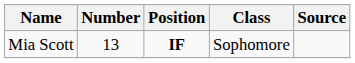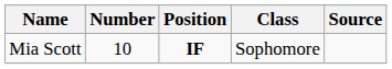 <table class="wikitable non-sortable collapsible">
 <tr>
 </tr>
 <tr>
 <th style="text-align:center; ">Name</th>
 <th style="text-align:center; ">Number</th>
 <th style="text-align:center; ">Position</th>
 <th style="text-align:center; ">Class</th>
 <th style="text-align:center; ">Source</th>
 </tr>
 <tr align="center">
 <td>Mia Scott</td>
-<td>13</td>
+<td>10</td>
 <td><strong>IF</strong></td>
 <td>Sophomore</td>
 <td></td>
 </tr>
 <tr>
 </tr>
 </table>
